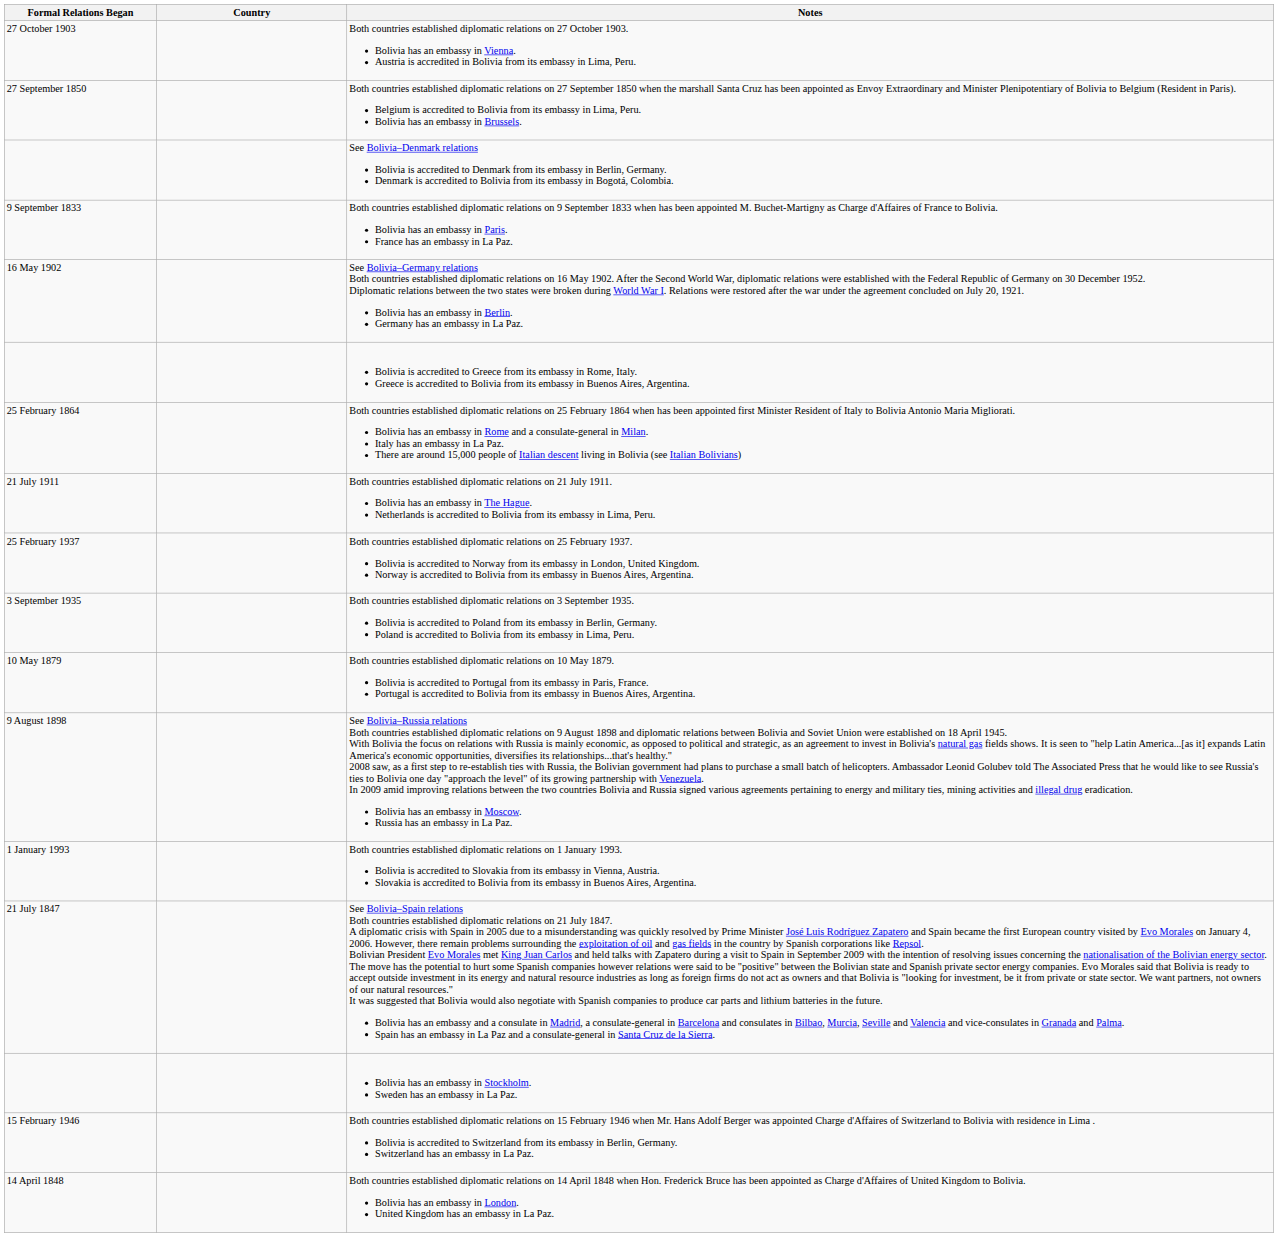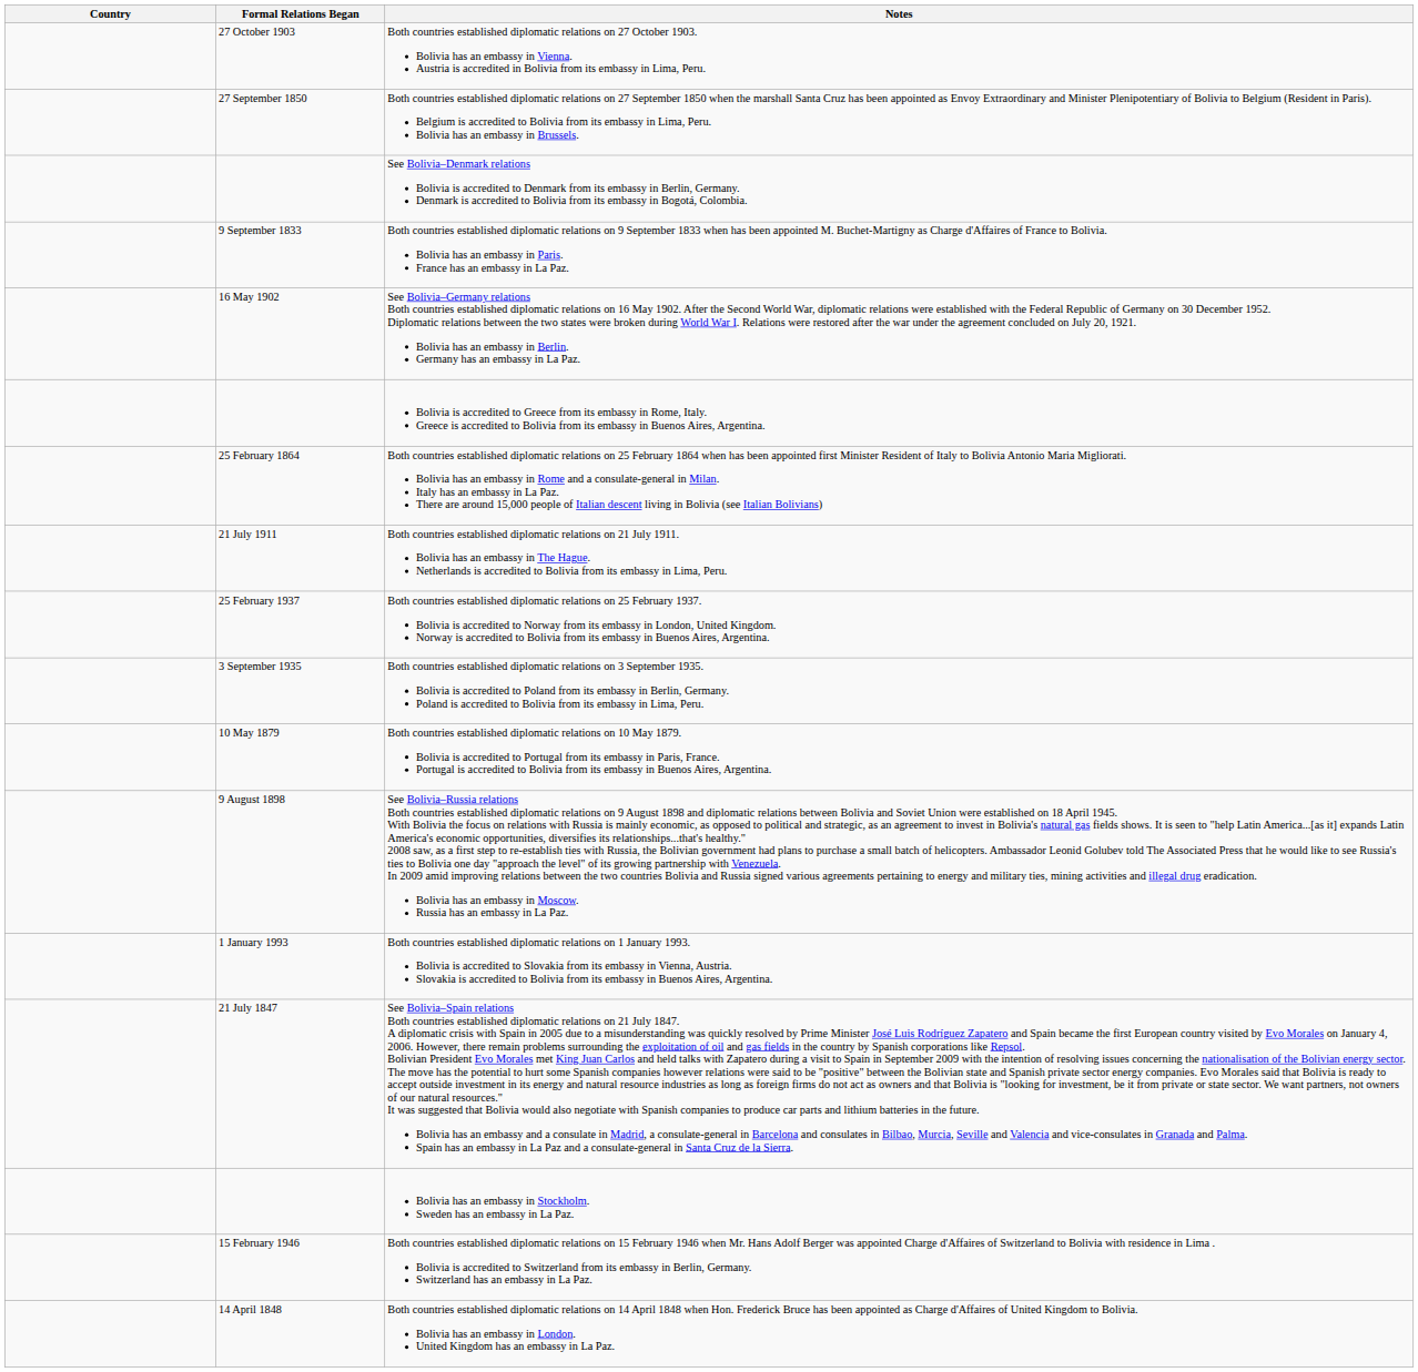 <table class="wikitable sortable" style="width:100%; margin:auto;">
 <tr>
+<th style="width:15%;">Country</th>
 <th style="width:12%;">Formal Relations Began</th>
-<th style="width:15%;">Country</th>
 <th>Notes</th>
 </tr>
 <tr valign="top">
+<td></td>
 <td>27 October 1903</td>
-<td></td>
 <td>Both countries established diplomatic relations on 27 October 1903.<br><ul><li>Bolivia has an embassy in <a href='#'>Vienna</a>.</li><li>Austria is accredited in Bolivia from its embassy in Lima, Peru.</li></ul></td>
 </tr>
 <tr valign="top">
+<td></td>
 <td>27 September 1850</td>
-<td></td>
 <td>Both countries established diplomatic relations on 27 September 1850 when the marshall Santa Cruz has been appointed as Envoy Extraordinary and Minister Plenipotentiary of Bolivia to Belgium (Resident in Paris).<br><ul><li>Belgium is accredited to Bolivia from its embassy in Lima, Peru.</li><li>Bolivia has an embassy in <a href='#'>Brussels</a>.</li></ul></td>
 </tr>
 <tr valign="top">
 <td></td>
 <td></td>
 <td>See <a href='#'>Bolivia–Denmark relations</a><br><ul><li>Bolivia is accredited to Denmark from its embassy in Berlin, Germany.</li><li>Denmark is accredited to Bolivia from its embassy in Bogotá, Colombia.</li></ul></td>
 </tr>
 <tr valign="top">
+<td></td>
 <td>9 September 1833</td>
-<td></td>
 <td>Both countries established diplomatic relations on 9 September 1833 when has been appointed M. Buchet-Martigny as Charge d'Affaires of France to Bolivia.<br><ul><li>Bolivia has an embassy in <a href='#'>Paris</a>.</li><li>France has an embassy in La Paz.</li></ul></td>
 </tr>
 <tr valign="top">
+<td></td>
 <td>16 May 1902</td>
-<td></td>
 <td>See <a href='#'>Bolivia–Germany relations</a><br>Both countries established diplomatic relations on 16 May 1902. After the Second World War, diplomatic relations were established with the Federal Republic of Germany on 30 December 1952.<br>Diplomatic relations between the two states were broken during <a href='#'>World War I</a>. Relations were restored after the war under the agreement concluded on July 20, 1921.<ul><li>Bolivia has an embassy in <a href='#'>Berlin</a>.</li><li>Germany has an embassy in La Paz.</li></ul></td>
 </tr>
 <tr valign="top">
 <td></td>
 <td></td>
 <td><br><ul><li>Bolivia is accredited to Greece from its embassy in Rome, Italy.</li><li>Greece is accredited to Bolivia from its embassy in Buenos Aires, Argentina.</li></ul></td>
 </tr>
 <tr valign="top">
+<td></td>
 <td>25 February 1864</td>
-<td></td>
 <td>Both countries established diplomatic relations on 25 February 1864 when has been appointed first Minister Resident of Italy to Bolivia Antonio Maria Migliorati.<br><ul><li>Bolivia has an embassy in <a href='#'>Rome</a> and a consulate-general in <a href='#'>Milan</a>.</li><li>Italy has an embassy in La Paz.</li><li>There are around 15,000 people of <a href='#'>Italian descent</a> living in Bolivia (see <a href='#'>Italian Bolivians</a>)</li></ul></td>
 </tr>
 <tr valign="top">
+<td></td>
 <td>21 July 1911</td>
-<td></td>
 <td>Both countries established diplomatic relations on 21 July 1911.<br><ul><li>Bolivia has an embassy in <a href='#'>The Hague</a>.</li><li>Netherlands is accredited to Bolivia from its embassy in Lima, Peru.</li></ul></td>
 </tr>
 <tr valign="top">
+<td></td>
 <td>25 February 1937</td>
-<td></td>
 <td>Both countries established diplomatic relations on 25 February 1937.<br><ul><li>Bolivia is accredited to Norway from its embassy in London, United Kingdom.</li><li>Norway is accredited to Bolivia from its embassy in Buenos Aires, Argentina.</li></ul></td>
 </tr>
 <tr valign="top">
+<td></td>
 <td>3 September 1935</td>
-<td></td>
 <td>Both countries established diplomatic relations on 3 September 1935.<br><ul><li>Bolivia is accredited to Poland from its embassy in Berlin, Germany.</li><li>Poland is accredited to Bolivia from its embassy in Lima, Peru.</li></ul></td>
 </tr>
 <tr valign="top">
+<td></td>
 <td>10 May 1879</td>
-<td></td>
 <td>Both countries established diplomatic relations on 10 May 1879.<br><ul><li>Bolivia is accredited to Portugal from its embassy in Paris, France.</li><li>Portugal is accredited to Bolivia from its embassy in Buenos Aires, Argentina.</li></ul></td>
 </tr>
 <tr valign="top">
+<td></td>
 <td>9 August 1898</td>
-<td></td>
 <td>See <a href='#'>Bolivia–Russia relations</a><br>Both countries established diplomatic relations on 9 August 1898 and diplomatic relations between Bolivia and Soviet Union were established on 18 April 1945.<br>With Bolivia the focus on relations with Russia is mainly economic, as opposed to political and strategic, as an agreement to invest in Bolivia's <a href='#'>natural gas</a> fields shows. It is seen to "help Latin America...[as it] expands Latin America's economic opportunities, diversifies its relationships...that's healthy."<br>2008 saw, as a first step to re-establish ties with Russia, the Bolivian government had plans to purchase a small batch of helicopters. Ambassador Leonid Golubev told The Associated Press that he would like to see Russia's ties to Bolivia one day "approach the level" of its growing partnership with <a href='#'>Venezuela</a>. <br>In 2009 amid improving relations between the two countries Bolivia and Russia signed various agreements pertaining to energy and military ties, mining activities and <a href='#'>illegal drug</a> eradication. <ul><li>Bolivia has an embassy in <a href='#'>Moscow</a>.</li><li>Russia has an embassy in La Paz.</li></ul></td>
 </tr>
 <tr valign="top">
+<td></td>
 <td>1 January 1993</td>
-<td></td>
 <td>Both countries established diplomatic relations on 1 January 1993.<br><ul><li>Bolivia is accredited to Slovakia from its embassy in Vienna, Austria.</li><li>Slovakia is accredited to Bolivia from its embassy in Buenos Aires, Argentina.</li></ul></td>
 </tr>
 <tr valign="top">
+<td></td>
 <td>21 July 1847</td>
-<td></td>
 <td>See <a href='#'>Bolivia–Spain relations</a><br>Both countries established diplomatic relations on 21 July 1847.<br>A diplomatic crisis with Spain in 2005 due to a misunderstanding was quickly resolved by Prime Minister <a href='#'>José Luis Rodríguez Zapatero</a> and Spain became the first European country visited by <a href='#'>Evo Morales</a> on January 4, 2006. However, there remain problems surrounding the <a href='#'>exploitation of oil</a> and <a href='#'>gas fields</a> in the country by Spanish corporations like <a href='#'>Repsol</a>.<br>Bolivian President <a href='#'>Evo Morales</a> met <a href='#'>King Juan Carlos</a> and held talks with Zapatero during a visit to Spain in September 2009 with the intention of resolving issues concerning the <a href='#'>nationalisation of the Bolivian energy sector</a>. The move has the potential to hurt some Spanish companies however relations were said to be "positive" between the Bolivian state and Spanish private sector energy companies. Evo Morales said that Bolivia is ready to accept outside investment in its energy and natural resource industries as long as foreign firms do not act as owners and that Bolivia is "looking for investment, be it from private or state sector. We want partners, not owners of our natural resources."<br>It was suggested that Bolivia would also negotiate with Spanish companies to produce car parts and lithium batteries in the future.<ul><li>Bolivia has an embassy and a consulate in <a href='#'>Madrid</a>, a consulate-general in <a href='#'>Barcelona</a> and consulates in <a href='#'>Bilbao</a>, <a href='#'>Murcia</a>, <a href='#'>Seville</a> and <a href='#'>Valencia</a> and vice-consulates in <a href='#'>Granada</a> and <a href='#'>Palma</a>.</li><li>Spain has an embassy in La Paz and a consulate-general in <a href='#'>Santa Cruz de la Sierra</a>.</li></ul></td>
 </tr>
 <tr valign="top">
 <td></td>
 <td></td>
 <td><br><ul><li>Bolivia has an embassy in <a href='#'>Stockholm</a>.</li><li>Sweden has an embassy in La Paz.</li></ul></td>
 </tr>
 <tr valign="top">
+<td></td>
 <td>15 February 1946</td>
-<td></td>
 <td>Both countries established diplomatic relations on 15 February 1946 when Mr. Hans Adolf Berger was appointed Charge d'Affaires of Switzerland to Bolivia with residence in Lima .<br><ul><li>Bolivia is accredited to Switzerland from its embassy in Berlin, Germany.</li><li>Switzerland has an embassy in La Paz.</li></ul></td>
 </tr>
 <tr valign="top">
+<td></td>
 <td>14 April 1848</td>
-<td></td>
 <td>Both countries established diplomatic relations on 14 April 1848 when Hon. Frederick Bruce has been appointed as Charge d'Affaires of United Kingdom to Bolivia.<br><ul><li>Bolivia has an embassy in <a href='#'>London</a>.</li><li>United Kingdom has an embassy in La Paz.</li></ul></td>
 </tr>
 </table>
